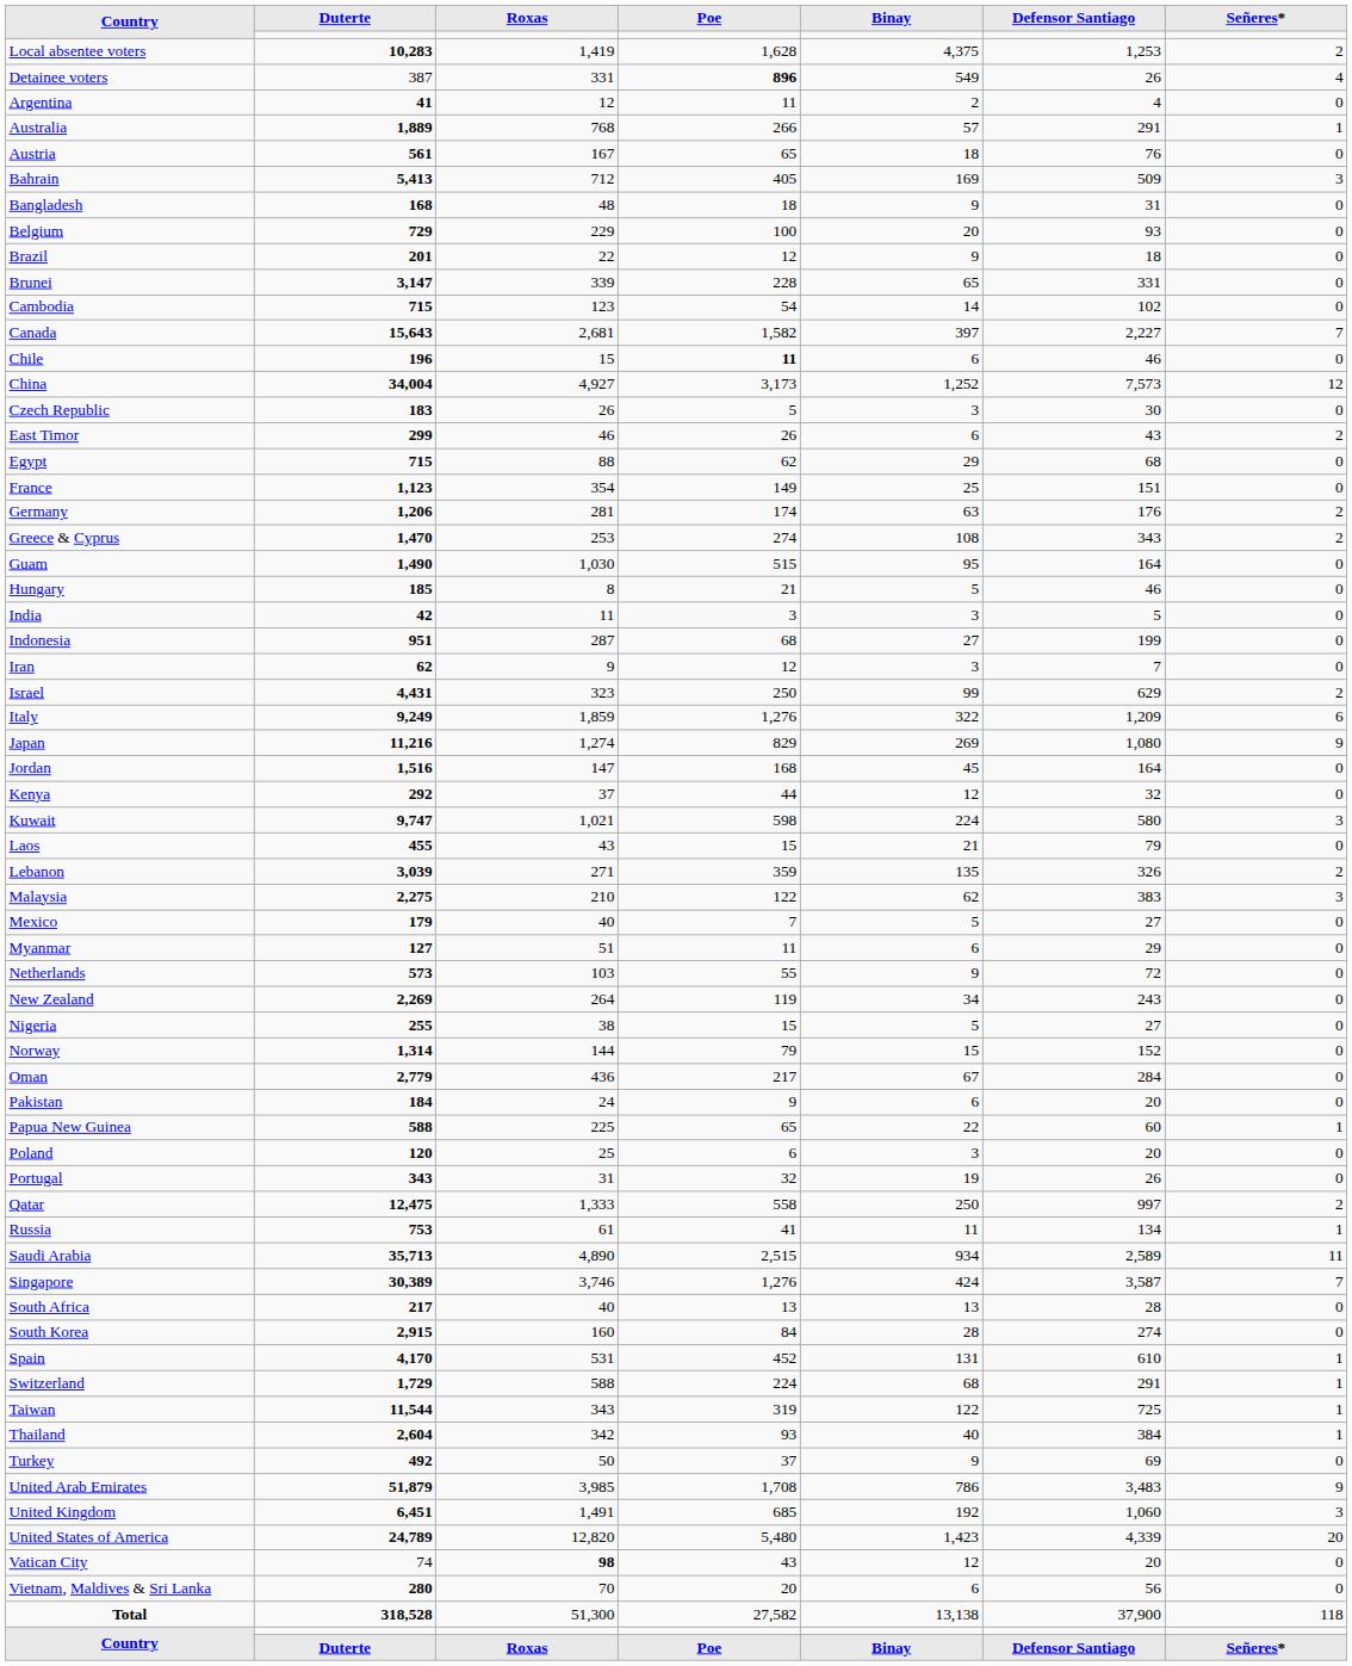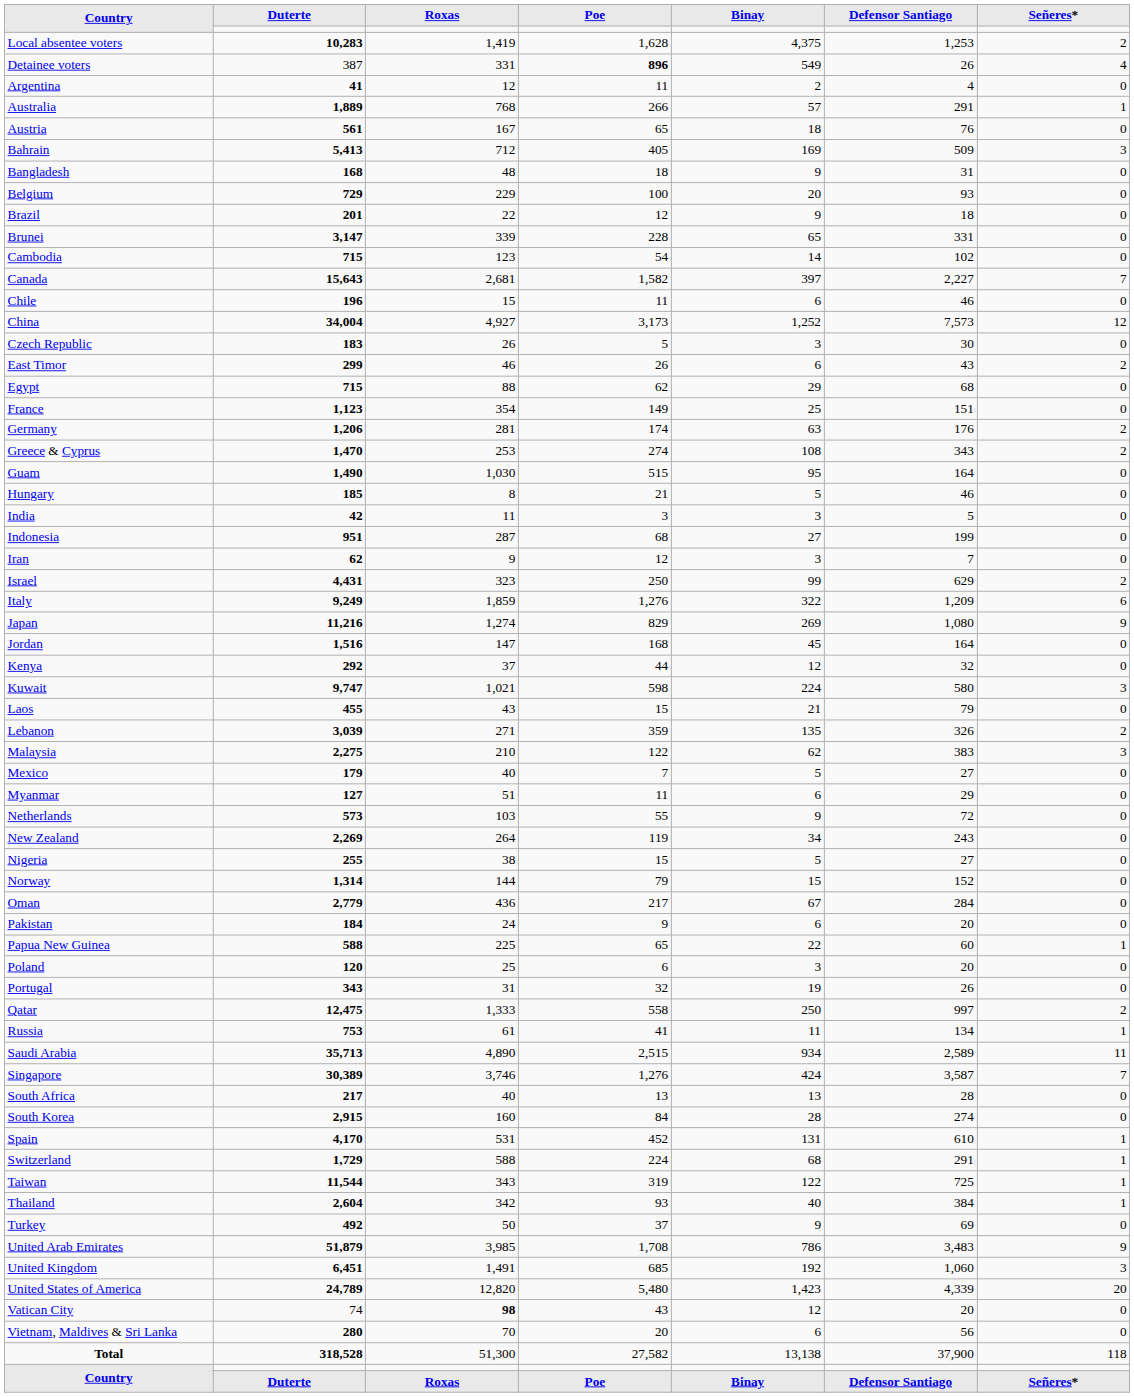 <table class="wikitable" width=99% style="text-align:right; font-size:92%">
 <tr bgcolor=#cccccc>
 <th rowspan=2 style="background: #E9E9E9" width=12% align=left><a href='#'>Country</a></th>
 <th style="background: #E9E9E9" width=8.8% align=center><a href='#'>Duterte</a></th>
 <th style="background: #E9E9E9" width=8.8% align=center><a href='#'>Roxas</a></th>
 <th style="background: #E9E9E9" width=8.8% align=center><a href='#'>Poe</a></th>
 <th style="background: #E9E9E9" width=8.8% align=center><a href='#'>Binay</a></th>
 <th style="background: #E9E9E9" width=8.8% align=center><a href='#'>Defensor Santiago</a></th>
 <th style="background: #E9E9E9" width=8.8% align=center><a href='#'>Señeres</a>*</th>
 </tr>
 <tr>
 <td></td>
 <td></td>
 <td></td>
 <td></td>
 <td></td>
 <td></td>
 </tr>
 <tr>
 <td align=left><a href='#'>Local absentee voters</a></td>
 <td><strong>10,283</strong></td>
 <td>1,419</td>
 <td>1,628</td>
 <td>4,375</td>
 <td>1,253</td>
 <td>2</td>
 </tr>
 <tr>
 <td align=left><a href='#'>Detainee voters</a></td>
 <td>387</td>
 <td>331</td>
 <td><strong>896</strong></td>
 <td>549</td>
 <td>26</td>
 <td>4</td>
 </tr>
 <tr>
 <td align=left><a href='#'>Argentina</a></td>
 <td><strong>41</strong></td>
 <td>12</td>
 <td>11</td>
 <td>2</td>
 <td>4</td>
 <td>0</td>
 </tr>
 <tr>
 <td align=left><a href='#'>Australia</a></td>
 <td><strong>1,889</strong></td>
 <td>768</td>
 <td>266</td>
 <td>57</td>
 <td>291</td>
 <td>1</td>
 </tr>
 <tr>
 <td align=left><a href='#'>Austria</a></td>
 <td><strong>561</strong></td>
 <td>167</td>
 <td>65</td>
 <td>18</td>
 <td>76</td>
 <td>0</td>
 </tr>
 <tr>
 <td align=left><a href='#'>Bahrain</a></td>
 <td><strong>5,413</strong></td>
 <td>712</td>
 <td>405</td>
 <td>169</td>
 <td>509</td>
 <td>3</td>
 </tr>
 <tr>
 <td align=left><a href='#'>Bangladesh</a></td>
 <td><strong>168</strong></td>
 <td>48</td>
 <td>18</td>
 <td>9</td>
 <td>31</td>
 <td>0</td>
 </tr>
 <tr>
 <td align=left><a href='#'>Belgium</a></td>
 <td><strong>729</strong></td>
 <td>229</td>
 <td>100</td>
 <td>20</td>
 <td>93</td>
 <td>0</td>
 </tr>
 <tr>
 <td align=left><a href='#'>Brazil</a></td>
 <td><strong>201</strong></td>
 <td>22</td>
 <td>12</td>
 <td>9</td>
 <td>18</td>
 <td>0</td>
 </tr>
 <tr>
 <td align=left><a href='#'>Brunei</a></td>
 <td><strong>3,147</strong></td>
 <td>339</td>
 <td>228</td>
 <td>65</td>
 <td>331</td>
 <td>0</td>
 </tr>
 <tr>
 <td align=left><a href='#'>Cambodia</a></td>
 <td><strong>715</strong></td>
 <td>123</td>
 <td>54</td>
 <td>14</td>
 <td>102</td>
 <td>0</td>
 </tr>
 <tr>
 <td align=left><a href='#'>Canada</a></td>
 <td><strong>15,643</strong></td>
 <td>2,681</td>
 <td>1,582</td>
 <td>397</td>
 <td>2,227</td>
 <td>7</td>
 </tr>
 <tr>
 <td align=left><a href='#'>Chile</a></td>
 <td><strong>196</strong></td>
 <td>15</td>
-<td><strong>11</strong></td>
+<td>11</td>
 <td>6</td>
 <td>46</td>
 <td>0</td>
 </tr>
 <tr>
 <td align=left><a href='#'>China</a></td>
 <td><strong>34,004</strong></td>
 <td>4,927</td>
 <td>3,173</td>
 <td>1,252</td>
 <td>7,573</td>
 <td>12</td>
 </tr>
 <tr>
 <td align=left><a href='#'>Czech Republic</a></td>
 <td><strong>183</strong></td>
 <td>26</td>
 <td>5</td>
 <td>3</td>
 <td>30</td>
 <td>0</td>
 </tr>
 <tr>
 <td align=left><a href='#'>East Timor</a></td>
 <td><strong>299</strong></td>
 <td>46</td>
 <td>26</td>
 <td>6</td>
 <td>43</td>
 <td>2</td>
 </tr>
 <tr>
 <td align=left><a href='#'>Egypt</a></td>
 <td><strong>715</strong></td>
 <td>88</td>
 <td>62</td>
 <td>29</td>
 <td>68</td>
 <td>0</td>
 </tr>
 <tr>
 <td align=left><a href='#'>France</a></td>
 <td><strong>1,123</strong></td>
 <td>354</td>
 <td>149</td>
 <td>25</td>
 <td>151</td>
 <td>0</td>
 </tr>
 <tr>
 <td align=left><a href='#'>Germany</a></td>
 <td><strong>1,206</strong></td>
 <td>281</td>
 <td>174</td>
 <td>63</td>
 <td>176</td>
 <td>2</td>
 </tr>
 <tr>
 <td align=left><a href='#'>Greece</a> & <a href='#'>Cyprus</a></td>
 <td><strong>1,470</strong></td>
 <td>253</td>
 <td>274</td>
 <td>108</td>
 <td>343</td>
 <td>2</td>
 </tr>
 <tr>
 <td align=left><a href='#'>Guam</a></td>
 <td><strong>1,490</strong></td>
 <td>1,030</td>
 <td>515</td>
 <td>95</td>
 <td>164</td>
 <td>0</td>
 </tr>
 <tr>
 <td align=left><a href='#'>Hungary</a></td>
 <td><strong>185</strong></td>
 <td>8</td>
 <td>21</td>
 <td>5</td>
 <td>46</td>
 <td>0</td>
 </tr>
 <tr>
 <td align=left><a href='#'>India</a></td>
 <td><strong>42</strong></td>
 <td>11</td>
 <td>3</td>
 <td>3</td>
 <td>5</td>
 <td>0</td>
 </tr>
 <tr>
 <td align=left><a href='#'>Indonesia</a></td>
 <td><strong>951</strong></td>
 <td>287</td>
 <td>68</td>
 <td>27</td>
 <td>199</td>
 <td>0</td>
 </tr>
 <tr>
 <td align=left><a href='#'>Iran</a></td>
 <td><strong>62</strong></td>
 <td>9</td>
 <td>12</td>
 <td>3</td>
 <td>7</td>
 <td>0</td>
 </tr>
 <tr>
 <td align=left><a href='#'>Israel</a></td>
 <td><strong>4,431</strong></td>
 <td>323</td>
 <td>250</td>
 <td>99</td>
 <td>629</td>
 <td>2</td>
 </tr>
 <tr>
 <td align=left><a href='#'>Italy</a></td>
 <td><strong>9,249</strong></td>
 <td>1,859</td>
 <td>1,276</td>
 <td>322</td>
 <td>1,209</td>
 <td>6</td>
 </tr>
 <tr>
 <td align=left><a href='#'>Japan</a></td>
 <td><strong>11,216</strong></td>
 <td>1,274</td>
 <td>829</td>
 <td>269</td>
 <td>1,080</td>
 <td>9</td>
 </tr>
 <tr>
 <td align=left><a href='#'>Jordan</a></td>
 <td><strong>1,516</strong></td>
 <td>147</td>
 <td>168</td>
 <td>45</td>
 <td>164</td>
 <td>0</td>
 </tr>
 <tr>
 <td align=left><a href='#'>Kenya</a></td>
 <td><strong>292</strong></td>
 <td>37</td>
 <td>44</td>
 <td>12</td>
 <td>32</td>
 <td>0</td>
 </tr>
 <tr>
 <td align=left><a href='#'>Kuwait</a></td>
 <td><strong>9,747</strong></td>
 <td>1,021</td>
 <td>598</td>
 <td>224</td>
 <td>580</td>
 <td>3</td>
 </tr>
 <tr>
 <td align=left><a href='#'>Laos</a></td>
 <td><strong>455</strong></td>
 <td>43</td>
 <td>15</td>
 <td>21</td>
 <td>79</td>
 <td>0</td>
 </tr>
 <tr>
 <td align=left><a href='#'>Lebanon</a></td>
 <td><strong>3,039</strong></td>
 <td>271</td>
 <td>359</td>
 <td>135</td>
 <td>326</td>
 <td>2</td>
 </tr>
 <tr>
 <td align=left><a href='#'>Malaysia</a></td>
 <td><strong>2,275</strong></td>
 <td>210</td>
 <td>122</td>
 <td>62</td>
 <td>383</td>
 <td>3</td>
 </tr>
 <tr>
 <td align=left><a href='#'>Mexico</a></td>
 <td><strong>179</strong></td>
 <td>40</td>
 <td>7</td>
 <td>5</td>
 <td>27</td>
 <td>0</td>
 </tr>
 <tr>
 <td align=left><a href='#'>Myanmar</a></td>
 <td><strong>127</strong></td>
 <td>51</td>
 <td>11</td>
 <td>6</td>
 <td>29</td>
 <td>0</td>
 </tr>
 <tr>
 <td align=left><a href='#'>Netherlands</a></td>
 <td><strong>573</strong></td>
 <td>103</td>
 <td>55</td>
 <td>9</td>
 <td>72</td>
 <td>0</td>
 </tr>
 <tr>
 <td align=left><a href='#'>New Zealand</a></td>
 <td><strong>2,269</strong></td>
 <td>264</td>
 <td>119</td>
 <td>34</td>
 <td>243</td>
 <td>0</td>
 </tr>
 <tr>
 <td align=left><a href='#'>Nigeria</a></td>
 <td><strong>255</strong></td>
 <td>38</td>
 <td>15</td>
 <td>5</td>
 <td>27</td>
 <td>0</td>
 </tr>
 <tr>
 <td align=left><a href='#'>Norway</a></td>
 <td><strong>1,314</strong></td>
 <td>144</td>
 <td>79</td>
 <td>15</td>
 <td>152</td>
 <td>0</td>
 </tr>
 <tr>
 <td align=left><a href='#'>Oman</a></td>
 <td><strong>2,779</strong></td>
 <td>436</td>
 <td>217</td>
 <td>67</td>
 <td>284</td>
 <td>0</td>
 </tr>
 <tr>
 <td align=left><a href='#'>Pakistan</a></td>
 <td><strong>184</strong></td>
 <td>24</td>
 <td>9</td>
 <td>6</td>
 <td>20</td>
 <td>0</td>
 </tr>
 <tr>
 <td align=left><a href='#'>Papua New Guinea</a></td>
 <td><strong>588</strong></td>
 <td>225</td>
 <td>65</td>
 <td>22</td>
 <td>60</td>
 <td>1</td>
 </tr>
 <tr>
 <td align=left><a href='#'>Poland</a></td>
 <td><strong>120</strong></td>
 <td>25</td>
 <td>6</td>
 <td>3</td>
 <td>20</td>
 <td>0</td>
 </tr>
 <tr>
 <td align=left><a href='#'>Portugal</a></td>
 <td><strong>343</strong></td>
 <td>31</td>
 <td>32</td>
 <td>19</td>
 <td>26</td>
 <td>0</td>
 </tr>
 <tr>
 <td align=left><a href='#'>Qatar</a></td>
 <td><strong>12,475</strong></td>
 <td>1,333</td>
 <td>558</td>
 <td>250</td>
 <td>997</td>
 <td>2</td>
 </tr>
 <tr>
 <td align=left><a href='#'>Russia</a></td>
 <td><strong>753</strong></td>
 <td>61</td>
 <td>41</td>
 <td>11</td>
 <td>134</td>
 <td>1</td>
 </tr>
 <tr>
 <td align=left><a href='#'>Saudi Arabia</a></td>
 <td><strong>35,713</strong></td>
 <td>4,890</td>
 <td>2,515</td>
 <td>934</td>
 <td>2,589</td>
 <td>11</td>
 </tr>
 <tr>
 <td align=left><a href='#'>Singapore</a></td>
 <td><strong>30,389</strong></td>
 <td>3,746</td>
 <td>1,276</td>
 <td>424</td>
 <td>3,587</td>
 <td>7</td>
 </tr>
 <tr>
 <td align=left><a href='#'>South Africa</a></td>
 <td><strong>217</strong></td>
 <td>40</td>
 <td>13</td>
 <td>13</td>
 <td>28</td>
 <td>0</td>
 </tr>
 <tr>
 <td align=left><a href='#'>South Korea</a></td>
 <td><strong>2,915</strong></td>
 <td>160</td>
 <td>84</td>
 <td>28</td>
 <td>274</td>
 <td>0</td>
 </tr>
 <tr>
 <td align=left><a href='#'>Spain</a></td>
 <td><strong>4,170</strong></td>
 <td>531</td>
 <td>452</td>
 <td>131</td>
 <td>610</td>
 <td>1</td>
 </tr>
 <tr>
 <td align=left><a href='#'>Switzerland</a></td>
 <td><strong>1,729</strong></td>
 <td>588</td>
 <td>224</td>
 <td>68</td>
 <td>291</td>
 <td>1</td>
 </tr>
 <tr>
 <td align=left><a href='#'>Taiwan</a></td>
 <td><strong>11,544</strong></td>
 <td>343</td>
 <td>319</td>
 <td>122</td>
 <td>725</td>
 <td>1</td>
 </tr>
 <tr>
 <td align=left><a href='#'>Thailand</a></td>
 <td><strong>2,604</strong></td>
 <td>342</td>
 <td>93</td>
 <td>40</td>
 <td>384</td>
 <td>1</td>
 </tr>
 <tr>
 <td align=left><a href='#'>Turkey</a></td>
 <td><strong>492</strong></td>
 <td>50</td>
 <td>37</td>
 <td>9</td>
 <td>69</td>
 <td>0</td>
 </tr>
 <tr>
 <td align=left><a href='#'>United Arab Emirates</a></td>
 <td><strong>51,879</strong></td>
 <td>3,985</td>
 <td>1,708</td>
 <td>786</td>
 <td>3,483</td>
 <td>9</td>
 </tr>
 <tr>
 <td align=left><a href='#'>United Kingdom</a></td>
 <td><strong>6,451</strong></td>
 <td>1,491</td>
 <td>685</td>
 <td>192</td>
 <td>1,060</td>
 <td>3</td>
 </tr>
 <tr>
 <td align=left><a href='#'>United States of America</a></td>
 <td><strong>24,789</strong></td>
 <td>12,820</td>
 <td>5,480</td>
 <td>1,423</td>
 <td>4,339</td>
 <td>20</td>
 </tr>
 <tr>
 <td align=left><a href='#'>Vatican City</a></td>
 <td>74</td>
 <td><strong>98</strong></td>
 <td>43</td>
 <td>12</td>
 <td>20</td>
 <td>0</td>
 </tr>
 <tr>
 <td align=left><a href='#'>Vietnam</a>, <a href='#'>Maldives</a> & <a href='#'>Sri Lanka</a></td>
 <td><strong>280</strong></td>
 <td>70</td>
 <td>20</td>
 <td>6</td>
 <td>56</td>
 <td>0</td>
 </tr>
 <tr>
 <td align="center"><strong>Total</strong></td>
 <td><strong>318,528</strong></td>
 <td>51,300</td>
 <td>27,582</td>
 <td>13,138</td>
 <td>37,900</td>
 <td>118</td>
 </tr>
 <tr>
 <th rowspan=2 style="background: #E9E9E9" width=12% align=left><a href='#'>Country</a></th>
 <td></td>
 <td></td>
 <td></td>
 <td></td>
 <td></td>
 <td></td>
 </tr>
 <tr bgcolor=#cccccc>
 <th style="background: #E9E9E9" width=8.8% align=center><a href='#'>Duterte</a></th>
 <th style="background: #E9E9E9" width=8.8% align=center><a href='#'>Roxas</a></th>
 <th style="background: #E9E9E9" width=8.8% align=center><a href='#'>Poe</a></th>
 <th style="background: #E9E9E9" width=8.8% align=center><a href='#'>Binay</a></th>
 <th style="background: #E9E9E9" width=8.8% align=center><a href='#'>Defensor Santiago</a></th>
 <th style="background: #E9E9E9" width=8.8% align=center><a href='#'>Señeres</a>*</th>
 </tr>
 </table>
